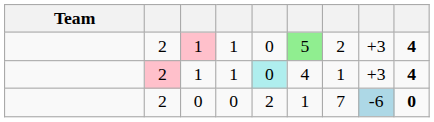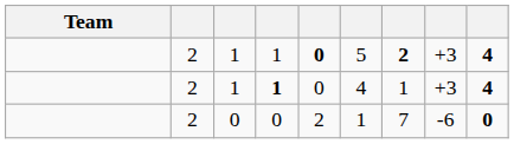 <table class="wikitable" style="text-align:center;">
 <tr>
 <th width=120>Team</th>
 <th width=25></th>
 <th width=25></th>
 <th width=25></th>
 <th width=25></th>
 <th width=25></th>
 <th width=25></th>
 <th width=25></th>
 <th width=25></th>
 </tr>
 <tr>
 <td style="text-align:left;"></td>
 <td>2</td>
-<td style="background: pink;">1</td>
 <td>1</td>
-<td>0</td>
-<td style="background: lightgreen;">5</td>
-<td>2</td>
+<td>1</td>
+<td><strong>0</strong></td>
+<td>5</td>
+<td><strong>2</strong></td>
 <td>+3</td>
 <td><strong>4</strong></td>
 </tr>
 <tr>
 <td style="text-align:left;"></td>
-<td style="background: pink;">2</td>
+<td>2</td>
 <td>1</td>
-<td>1</td>
-<td style="background: paleturquoise;">0</td>
+<td><strong>1</strong></td>
+<td>0</td>
 <td>4</td>
 <td>1</td>
 <td>+3</td>
 <td><strong>4</strong></td>
 </tr>
 <tr>
 <td style="text-align:left;"></td>
 <td>2</td>
 <td>0</td>
 <td>0</td>
 <td>2</td>
 <td>1</td>
 <td>7</td>
-<td style="background: lightblue;">-6</td>
+<td>-6</td>
 <td><strong>0</strong></td>
 </tr>
 </table>
